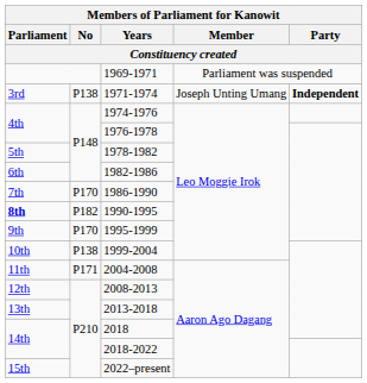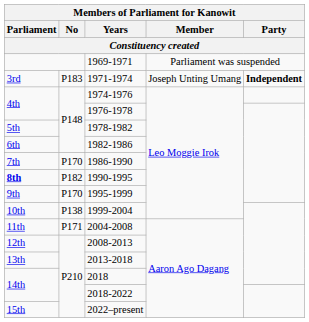 <table class=wikitable>
 <tr>
 <th colspan="5">Members of Parliament for Kanowit</th>
 </tr>
 <tr>
 <th>Parliament</th>
 <th>No</th>
 <th>Years</th>
 <th>Member</th>
 <th>Party</th>
 </tr>
 <tr>
 <th colspan="5" align="center"><em>Constituency created</em></th>
 </tr>
 <tr>
 <td colspan="2"></td>
 <td>1969-1971</td>
 <td colspan=2 align=center>Parliament was suspended</td>
 </tr>
 <tr>
 <td><a href='#'>3rd</a></td>
-<td>P138</td>
+<td>P183</td>
 <td>1971-1974</td>
 <td>Joseph Unting Umang</td>
 <td><strong>Independent</strong></td>
 </tr>
 <tr>
 <td rowspan=2><a href='#'>4th</a></td>
 <td rowspan="4">P148</td>
 <td>1974-1976</td>
 <td rowspan=8><a href='#'>Leo Moggie Irok</a></td>
 <td></td>
 </tr>
 <tr>
 <td>1976-1978</td>
 <td rowspan="6"></td>
 </tr>
 <tr>
 <td><a href='#'>5th</a></td>
 <td>1978-1982</td>
 </tr>
 <tr>
 <td><a href='#'>6th</a></td>
 <td>1982-1986</td>
 </tr>
 <tr>
 <td><a href='#'>7th</a></td>
 <td>P170</td>
 <td>1986-1990</td>
 </tr>
 <tr>
 <td><strong><a href='#'>8th</a></strong></td>
 <td>P182</td>
 <td>1990-1995</td>
 </tr>
 <tr>
 <td><a href='#'>9th</a></td>
 <td>P170</td>
 <td>1995-1999</td>
 </tr>
 <tr>
 <td><a href='#'>10th</a></td>
 <td>P138</td>
 <td>1999-2004</td>
 <td rowspan="5"></td>
 </tr>
 <tr>
 <td><a href='#'>11th</a></td>
 <td>P171</td>
 <td>2004-2008</td>
 <td rowspan="6"><a href='#'>Aaron Ago Dagang</a></td>
 </tr>
 <tr>
 <td><a href='#'>12th</a></td>
 <td rowspan="5">P210</td>
 <td>2008-2013</td>
 </tr>
 <tr>
 <td><a href='#'>13th</a></td>
 <td>2013-2018</td>
 </tr>
 <tr>
 <td rowspan=2><a href='#'>14th</a></td>
 <td>2018</td>
 </tr>
 <tr>
 <td>2018-2022</td>
 <td rowspan="2"></td>
 </tr>
 <tr>
 <td><a href='#'>15th</a></td>
 <td>2022–present</td>
 </tr>
 </table>
